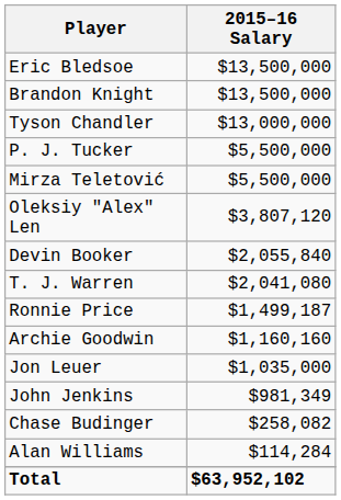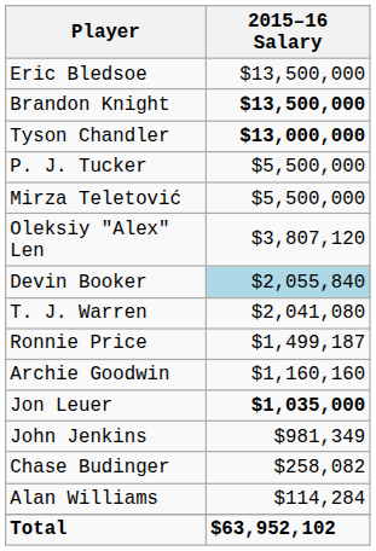 <table width=250 px; class="wikitable sortable sortable">
 <tr>
 <th style=>Player</th>
 <th style=>2015–16 Salary</th>
 </tr>
 <tr>
 <td>Eric Bledsoe</td>
 <td align="right">$13,500,000</td>
 </tr>
 <tr>
 <td>Brandon Knight</td>
-<td align="right">$13,500,000</td>
+<td align="right"><strong>$13,500,000</strong></td>
 </tr>
 <tr>
 <td>Tyson Chandler</td>
-<td align="right">$13,000,000</td>
+<td align="right"><strong>$13,000,000</strong></td>
 </tr>
 <tr>
 <td>P. J. Tucker</td>
 <td align="right">$5,500,000</td>
 </tr>
 <tr>
 <td>Mirza Teletović</td>
 <td align="right">$5,500,000</td>
 </tr>
 <tr>
 <td>Oleksiy "Alex" Len</td>
 <td align="right">$3,807,120</td>
 </tr>
 <tr>
 <td>Devin Booker</td>
-<td align="right">$2,055,840</td>
+<td align="right" style="background: lightblue;">$2,055,840</td>
 </tr>
 <tr>
 <td>T. J. Warren</td>
 <td align="right">$2,041,080</td>
 </tr>
 <tr>
 <td>Ronnie Price</td>
 <td align="right">$1,499,187</td>
 </tr>
 <tr>
 <td>Archie Goodwin</td>
 <td align="right">$1,160,160</td>
 </tr>
 <tr>
 <td>Jon Leuer</td>
-<td align="right">$1,035,000</td>
+<td align="right"><strong>$1,035,000</strong></td>
 </tr>
 <tr>
 <td>John Jenkins</td>
 <td align="right">$981,349</td>
 </tr>
 <tr>
 <td>Chase Budinger</td>
 <td align="right">$258,082</td>
 </tr>
 <tr>
 <td>Alan Williams</td>
 <td align="right">$114,284</td>
 </tr>
 <tr>
 </tr>
 <tr class="sortbottom">
 <td style=><strong>Total</strong></td>
 <td style=><strong>$63,952,102</strong></td>
 </tr>
 </table>
